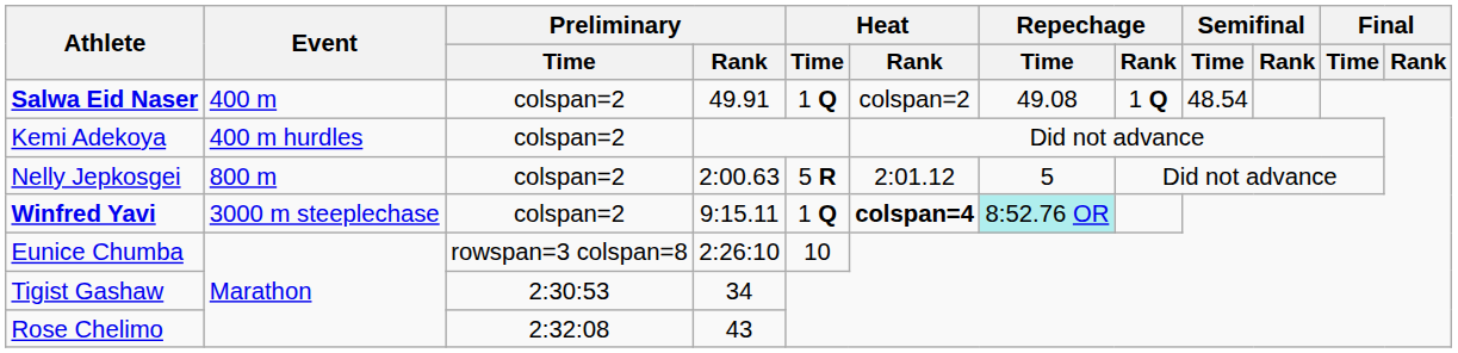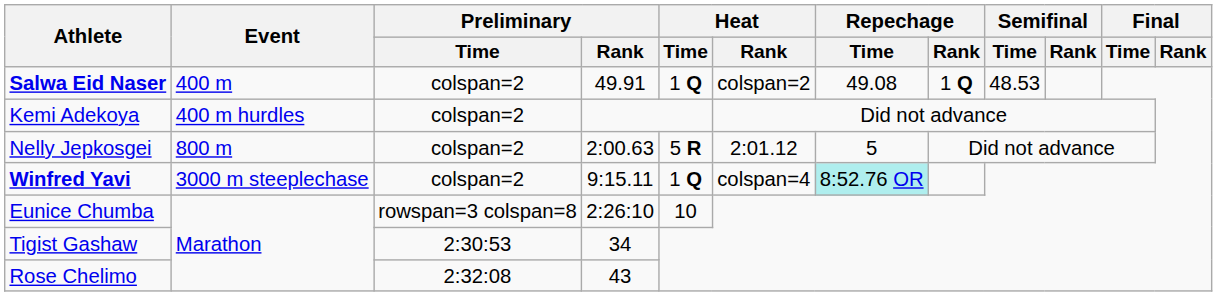 <table class="wikitable" style="font-size:90%">
 <tr>
 <th rowspan=2>Athlete</th>
 <th rowspan=2>Event</th>
 <th colspan=2>Preliminary</th>
 <th colspan=2>Heat</th>
 <th colspan=2>Repechage</th>
 <th colspan=2>Semifinal</th>
 <th colspan=2>Final</th>
 </tr>
 <tr style=font-size:95%>
 <th>Time</th>
 <th>Rank</th>
 <th>Time</th>
 <th>Rank</th>
 <th>Time</th>
 <th>Rank</th>
 <th>Time</th>
 <th>Rank</th>
 <th>Time</th>
 <th>Rank</th>
 </tr>
 <tr align=center>
 <td align=left><strong><a href='#'>Salwa Eid Naser</a></strong></td>
 <td align=left><a href='#'>400 m</a></td>
 <td>colspan=2 </td>
 <td>49.91</td>
 <td>1 <strong>Q</strong></td>
 <td>colspan=2 </td>
 <td>49.08</td>
 <td>1 <strong>Q</strong></td>
-<td>48.54 </td>
+<td>48.53 </td>
 <td></td>
 </tr>
 <tr align=center>
 <td align=left><a href='#'>Kemi Adekoya</a></td>
 <td align=left><a href='#'>400 m hurdles</a></td>
 <td>colspan=2 </td>
 <td Colspan=2></td>
 <td colspan=6>Did not advance</td>
 </tr>
 <tr align=center>
 <td align=left><a href='#'>Nelly Jepkosgei</a></td>
 <td align=left><a href='#'>800 m</a></td>
 <td>colspan=2 </td>
 <td>2:00.63</td>
 <td>5 <strong>R</strong></td>
 <td>2:01.12</td>
 <td>5</td>
 <td Colspan=4>Did not advance</td>
 </tr>
 <tr align=center>
 <td align=left><strong><a href='#'>Winfred Yavi</a></strong></td>
 <td align=left><a href='#'>3000 m steeplechase</a></td>
 <td>colspan=2 </td>
 <td>9:15.11</td>
 <td>1 <strong>Q</strong></td>
-<td><strong>colspan=4 </strong></td>
+<td>colspan=4 </td>
 <td style="background: paleturquoise;">8:52.76 <a href='#'>OR</a></td>
 <td></td>
 </tr>
 <tr align=center>
 <td align=left><a href='#'>Eunice Chumba</a></td>
 <td align=left rowspan=3><a href='#'>Marathon</a></td>
 <td>rowspan=3 colspan=8 </td>
 <td>2:26:10</td>
 <td>10</td>
 </tr>
 <tr align=center>
 <td align=left><a href='#'>Tigist Gashaw</a></td>
 <td>2:30:53</td>
 <td>34</td>
 </tr>
 <tr align=center>
 <td align=left><a href='#'>Rose Chelimo</a></td>
 <td>2:32:08</td>
 <td>43</td>
 </tr>
 </table>
